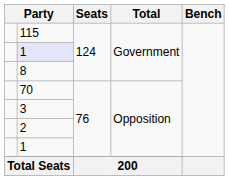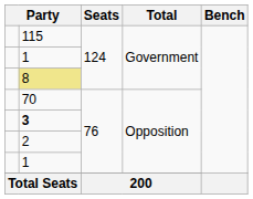 <table class="wikitable sortable">
 <tr>
 <th colspan="2">Party</th>
 <th>Seats</th>
 <th>Total</th>
 <th>Bench</th>
 </tr>
 <tr>
 <td></td>
 <td>115</td>
 <td rowspan="3">124</td>
 <td rowspan="3">Government</td>
 </tr>
 <tr>
 <td></td>
-<td style="background: lavender;">1</td>
+<td>1</td>
 </tr>
 <tr>
 <td></td>
-<td>8</td>
+<td style="background: khaki;">8</td>
 </tr>
 <tr>
 <td></td>
 <td>70</td>
 <td rowspan=4>76</td>
 <td rowspan=4>Opposition</td>
 </tr>
 <tr>
 <td></td>
-<td>3</td>
+<td><strong>3</strong></td>
 </tr>
 <tr>
 <td></td>
 <td>2</td>
 </tr>
 <tr>
 <td></td>
 <td>1</td>
 </tr>
 <tr>
 </tr>
 <tr>
 <th colspan="2">Total Seats</th>
 <th colspan="2">200</th>
 <th></th>
 </tr>
 </table>
